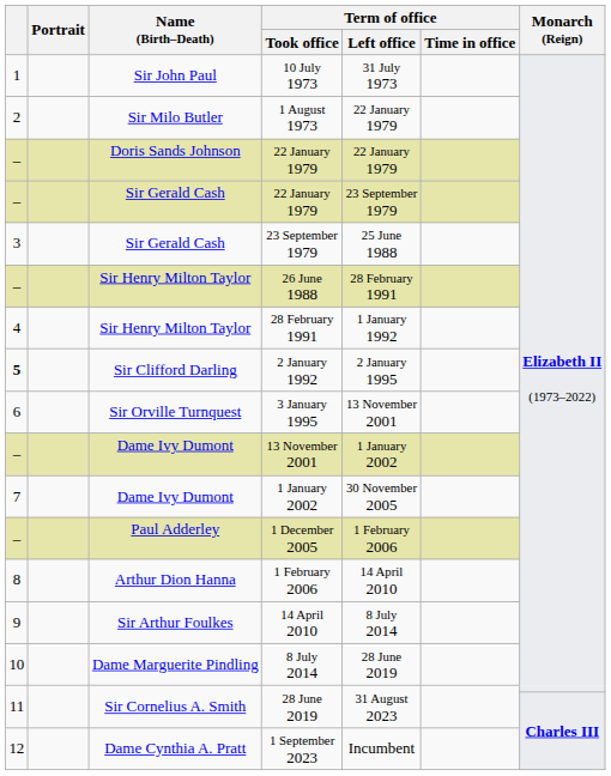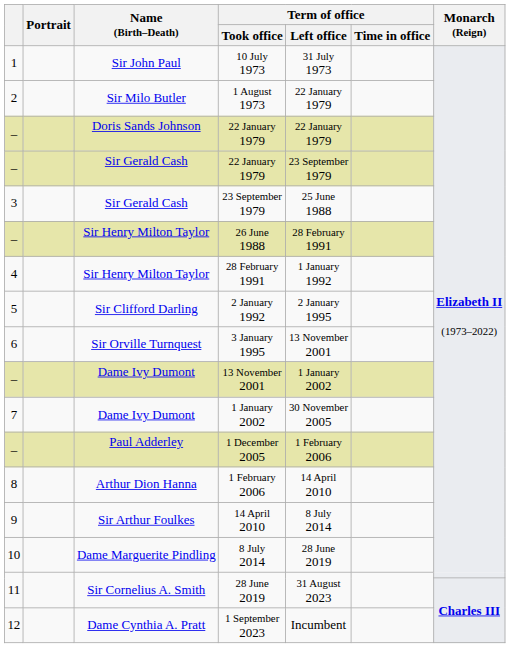 <table class="wikitable" style="text-align:center;">
 <tr>
 <th rowspan="2"></th>
 <th rowspan="2">Portrait</th>
 <th rowspan="2">Name<br><small>(Birth–Death)</small></th>
 <th colspan="3">Term of office</th>
 <th rowspan="2">Monarch<br><small>(Reign)</small></th>
 </tr>
 <tr>
 <th>Took office</th>
 <th>Left office</th>
 <th>Time in office</th>
 </tr>
 <tr>
 <td>1</td>
 <td></td>
 <td><a href='#'>Sir John Paul</a><br></td>
 <td><small>10 July</small><br>1973</td>
 <td><small>31 July</small><br>1973</td>
 <td></td>
 <td rowspan="15"  style="background:#eaecf0; border-style: solid solid none solid ;"><br><strong><a href='#'>Elizabeth II</a></strong><br><br><small>(1973–2022)</small></td>
 </tr>
 <tr>
 <td>2</td>
 <td></td>
 <td><a href='#'>Sir Milo Butler</a><br></td>
 <td><small>1 August</small><br>1973</td>
 <td><small>22 January</small><br>1979</td>
 <td></td>
 </tr>
 <tr style="background:#e6e6aa;">
 <td>–</td>
 <td></td>
 <td><a href='#'>Doris Sands Johnson</a><br><br></td>
 <td><small>22 January</small><br>1979</td>
 <td><small>22 January</small><br>1979</td>
 <td></td>
 </tr>
 <tr style="background:#e6e6aa;">
 <td>–</td>
 <td></td>
 <td><a href='#'>Sir Gerald Cash</a><br><br></td>
 <td><small>22 January</small><br>1979</td>
 <td><small>23 September</small><br>1979</td>
 <td></td>
 </tr>
 <tr>
 <td>3</td>
 <td></td>
 <td><a href='#'>Sir Gerald Cash</a><br></td>
 <td><small>23 September</small><br>1979</td>
 <td><small>25 June</small><br>1988</td>
 <td></td>
 </tr>
 <tr style="background:#e6e6aa;">
 <td>–</td>
 <td></td>
 <td><a href='#'>Sir Henry Milton Taylor</a><br><br></td>
 <td><small>26 June</small><br>1988</td>
 <td><small>28 February</small><br>1991</td>
 <td></td>
 </tr>
 <tr>
 <td>4</td>
 <td></td>
 <td><a href='#'>Sir Henry Milton Taylor</a><br></td>
 <td><small>28 February</small><br>1991</td>
 <td><small>1 January</small><br>1992</td>
 <td></td>
 </tr>
 <tr>
-<td><strong>5</strong></td>
+<td>5</td>
 <td></td>
 <td><a href='#'>Sir Clifford Darling</a><br></td>
 <td><small>2 January</small><br>1992</td>
 <td><small>2 January</small><br>1995</td>
 <td></td>
 </tr>
 <tr>
 <td>6</td>
 <td></td>
 <td><a href='#'>Sir Orville Turnquest</a><br></td>
 <td><small>3 January</small><br>1995</td>
 <td><small>13 November</small><br>2001</td>
 <td></td>
 </tr>
 <tr style="background:#e6e6aa;">
 <td>–</td>
 <td></td>
 <td><a href='#'>Dame Ivy Dumont</a><br><br></td>
 <td><small>13 November</small><br>2001</td>
 <td><small>1 January</small><br>2002</td>
 <td></td>
 </tr>
 <tr>
 <td>7</td>
 <td></td>
 <td><a href='#'>Dame Ivy Dumont</a><br></td>
 <td><small>1 January</small><br>2002</td>
 <td><small>30 November</small><br>2005</td>
 <td></td>
 </tr>
 <tr style="background:#e6e6aa;">
 <td>–</td>
 <td></td>
 <td><a href='#'>Paul Adderley</a><br><br></td>
 <td><small>1 December</small><br>2005</td>
 <td><small>1 February</small><br>2006</td>
 <td></td>
 </tr>
 <tr>
 <td>8</td>
 <td></td>
 <td><a href='#'>Arthur Dion Hanna</a><br></td>
 <td><small>1 February</small><br>2006</td>
 <td><small>14 April</small><br>2010</td>
 <td></td>
 </tr>
 <tr>
 <td>9</td>
 <td></td>
 <td><a href='#'>Sir Arthur Foulkes</a><br></td>
 <td><small>14 April</small><br>2010</td>
 <td><small>8 July</small><br>2014</td>
 <td></td>
 </tr>
 <tr>
 <td>10</td>
 <td></td>
 <td><a href='#'>Dame Marguerite Pindling</a><br></td>
 <td><small>8 July</small><br>2014</td>
 <td><small>28 June</small><br>2019</td>
 <td></td>
 </tr>
 <tr>
 <td rowspan="2">11</td>
 <td rowspan="2"></td>
 <td rowspan="2"><a href='#'>Sir Cornelius A. Smith</a><br></td>
 <td rowspan="2"><small>28 June</small><br>2019</td>
 <td rowspan="2"><small>31 August</small><br>2023</td>
 <td rowspan="2"></td>
 <td style="background:#eaecf0 ; border-style: none solid solid solid ;"></td>
 </tr>
 <tr>
 <td rowspan="2" style="background:#eaecf0"><br><strong><a href='#'>Charles III</a></strong><br><br></td>
 </tr>
 <tr>
 <td>12</td>
 <td></td>
 <td><a href='#'>Dame Cynthia A. Pratt</a><br></td>
 <td><small>1 September</small><br>2023</td>
 <td>Incumbent</td>
 <td></td>
 </tr>
 </table>
